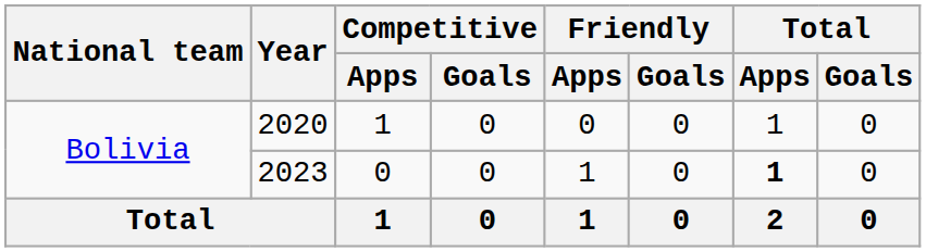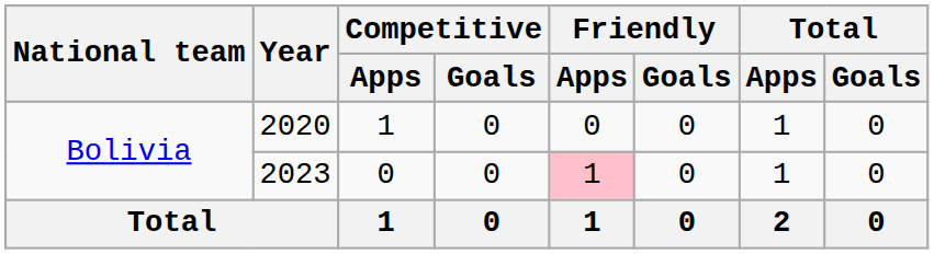 <table class="wikitable" style="text-align:center">
 <tr>
 <th rowspan="2">National team</th>
 <th rowspan="2">Year</th>
 <th colspan="2">Competitive</th>
 <th colspan="2">Friendly</th>
 <th colspan="2">Total</th>
 </tr>
 <tr>
 <th>Apps</th>
 <th>Goals</th>
 <th>Apps</th>
 <th>Goals</th>
 <th>Apps</th>
 <th>Goals</th>
 </tr>
 <tr>
 <td rowspan="2"><a href='#'>Bolivia</a></td>
 <td>2020</td>
 <td>1</td>
 <td>0</td>
 <td>0</td>
 <td>0</td>
 <td>1</td>
 <td>0</td>
 </tr>
 <tr>
 <td>2023</td>
 <td>0</td>
 <td>0</td>
+<td style="background: pink;">1</td>
+<td>0</td>
 <td>1</td>
-<td>0</td>
-<td><strong>1</strong></td>
 <td>0</td>
 </tr>
 <tr>
 <th colspan="2">Total</th>
 <th>1</th>
 <th>0</th>
 <th>1</th>
 <th>0</th>
 <th>2</th>
 <th>0</th>
 </tr>
 </table>
